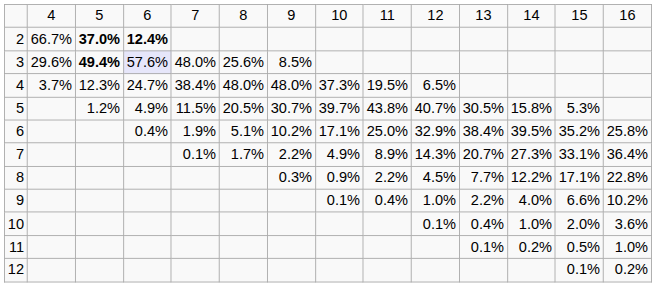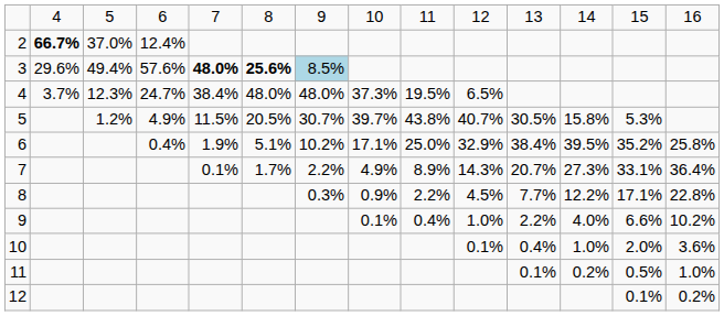 <table class="wikitable" style="text-align:right">
 <tr>
 <td></td>
 <td align="center">4</td>
 <td align="center">5</td>
 <td align="center">6</td>
 <td align="center">7</td>
 <td align="center">8</td>
 <td align="center">9</td>
 <td align="center">10</td>
 <td align="center">11</td>
 <td align="center">12</td>
 <td align="center">13</td>
 <td align="center">14</td>
 <td align="center">15</td>
 <td align="center">16</td>
 </tr>
 <tr>
 <td>2</td>
-<td>66.7%</td>
-<td><strong>37.0%</strong></td>
-<td><strong>12.4%</strong></td>
+<td><strong>66.7%</strong></td>
+<td>37.0%</td>
+<td>12.4%</td>
 <td></td>
 <td></td>
 <td></td>
 <td></td>
 <td></td>
 <td></td>
 <td></td>
 <td></td>
 <td></td>
 <td></td>
 </tr>
 <tr>
 <td>3</td>
 <td>29.6%</td>
-<td><strong>49.4%</strong></td>
-<td style="background: lavender;">57.6%</td>
-<td>48.0%</td>
-<td>25.6%</td>
-<td>8.5%</td>
+<td>49.4%</td>
+<td>57.6%</td>
+<td><strong>48.0%</strong></td>
+<td><strong>25.6%</strong></td>
+<td style="background: lightblue;">8.5%</td>
 <td></td>
 <td></td>
 <td></td>
 <td></td>
 <td></td>
 <td></td>
 <td></td>
 </tr>
 <tr>
 <td>4</td>
 <td>3.7%</td>
 <td>12.3%</td>
 <td>24.7%</td>
 <td>38.4%</td>
 <td>48.0%</td>
 <td>48.0%</td>
 <td>37.3%</td>
 <td>19.5%</td>
 <td>6.5%</td>
 <td></td>
 <td></td>
 <td></td>
 <td></td>
 </tr>
 <tr>
 <td>5</td>
 <td></td>
 <td>1.2%</td>
 <td>4.9%</td>
 <td>11.5%</td>
 <td>20.5%</td>
 <td>30.7%</td>
 <td>39.7%</td>
 <td>43.8%</td>
 <td>40.7%</td>
 <td>30.5%</td>
 <td>15.8%</td>
 <td>5.3%</td>
 <td></td>
 </tr>
 <tr>
 <td>6</td>
 <td></td>
 <td></td>
 <td>0.4%</td>
 <td>1.9%</td>
 <td>5.1%</td>
 <td>10.2%</td>
 <td>17.1%</td>
 <td>25.0%</td>
 <td>32.9%</td>
 <td>38.4%</td>
 <td>39.5%</td>
 <td>35.2%</td>
 <td>25.8%</td>
 </tr>
 <tr>
 <td>7</td>
 <td></td>
 <td></td>
 <td></td>
 <td>0.1%</td>
 <td>1.7%</td>
 <td>2.2%</td>
 <td>4.9%</td>
 <td>8.9%</td>
 <td>14.3%</td>
 <td>20.7%</td>
 <td>27.3%</td>
 <td>33.1%</td>
 <td>36.4%</td>
 </tr>
 <tr>
 <td>8</td>
 <td></td>
 <td></td>
 <td></td>
 <td></td>
 <td></td>
 <td>0.3%</td>
 <td>0.9%</td>
 <td>2.2%</td>
 <td>4.5%</td>
 <td>7.7%</td>
 <td>12.2%</td>
 <td>17.1%</td>
 <td>22.8%</td>
 </tr>
 <tr>
 <td>9</td>
 <td></td>
 <td></td>
 <td></td>
 <td></td>
 <td></td>
 <td></td>
 <td>0.1%</td>
 <td>0.4%</td>
 <td>1.0%</td>
 <td>2.2%</td>
 <td>4.0%</td>
 <td>6.6%</td>
 <td>10.2%</td>
 </tr>
 <tr>
 <td>10</td>
 <td></td>
 <td></td>
 <td></td>
 <td></td>
 <td></td>
 <td></td>
 <td></td>
 <td></td>
 <td>0.1%</td>
 <td>0.4%</td>
 <td>1.0%</td>
 <td>2.0%</td>
 <td>3.6%</td>
 </tr>
 <tr>
 <td>11</td>
 <td></td>
 <td></td>
 <td></td>
 <td></td>
 <td></td>
 <td></td>
 <td></td>
 <td></td>
 <td></td>
 <td>0.1%</td>
 <td>0.2%</td>
 <td>0.5%</td>
 <td>1.0%</td>
 </tr>
 <tr>
 <td>12</td>
 <td></td>
 <td></td>
 <td></td>
 <td></td>
 <td></td>
 <td></td>
 <td></td>
 <td></td>
 <td></td>
 <td></td>
 <td></td>
 <td>0.1%</td>
 <td>0.2%</td>
 </tr>
 </table>
